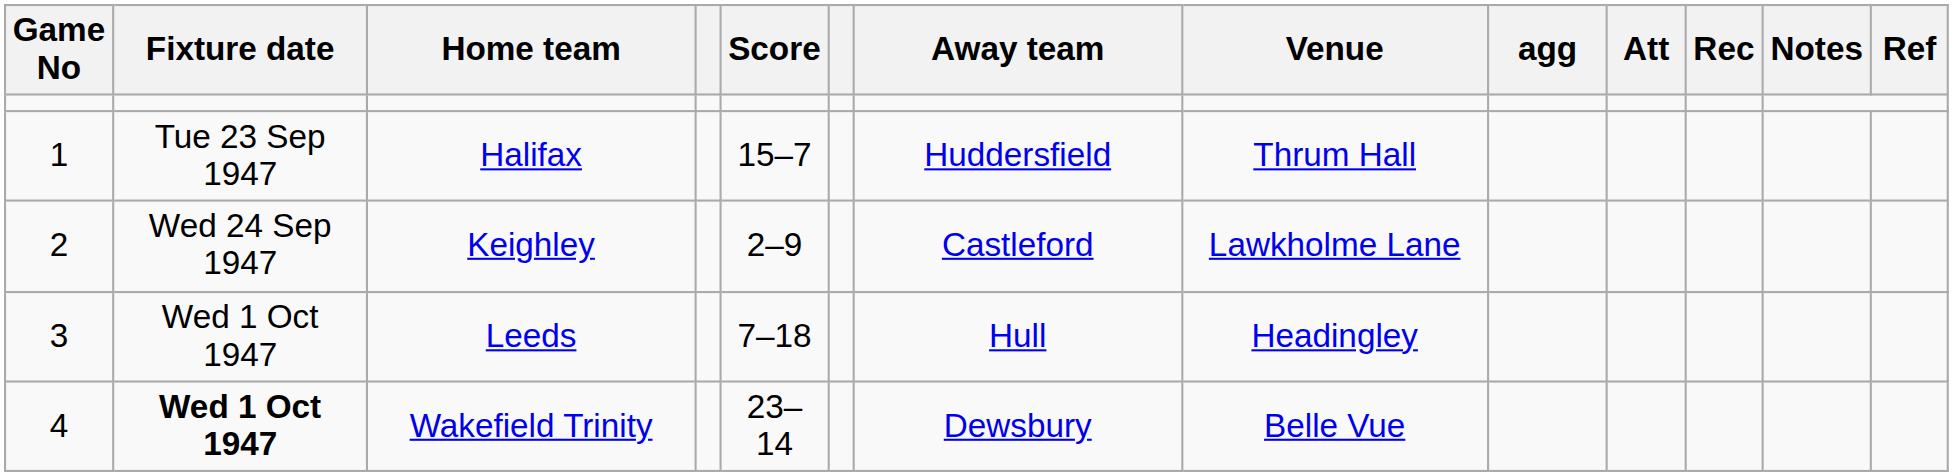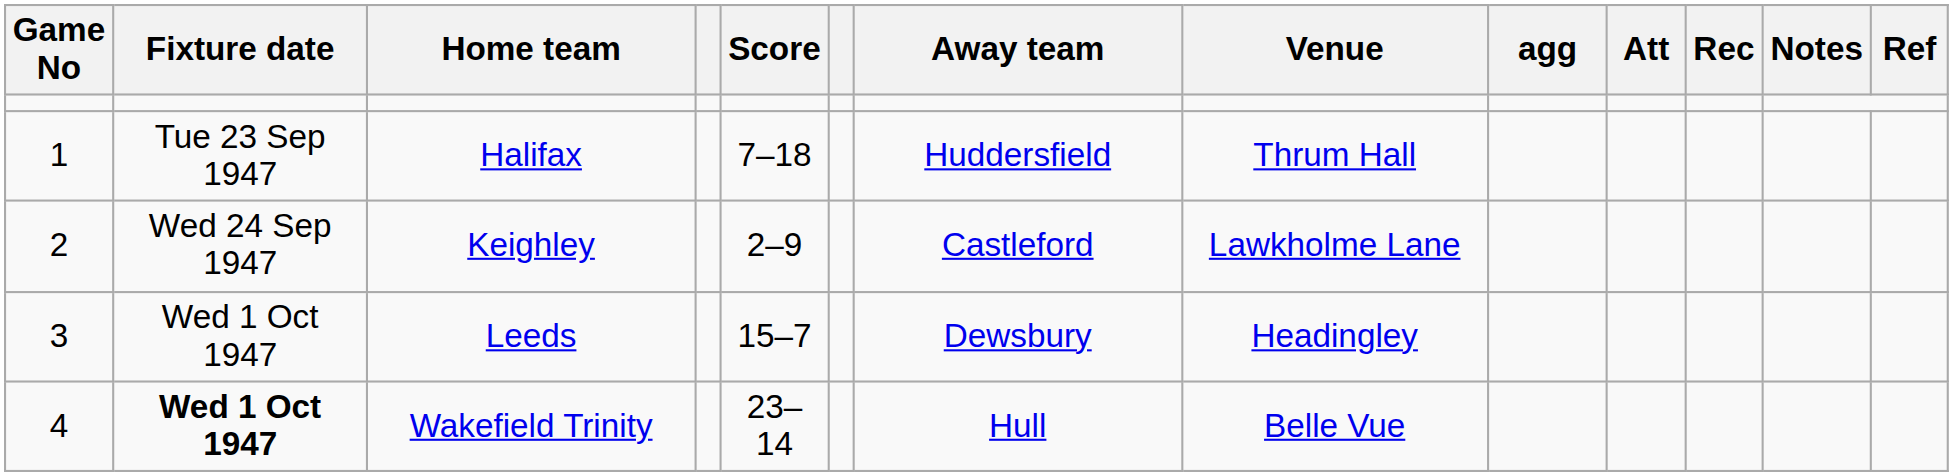 <table class="wikitable" style="text-align:center;">
 <tr>
 <th width=20 abbr="No">Game No</th>
 <th width=115 abbr="Date">Fixture date</th>
 <th width=150 abbr="Home team">Home team</th>
 <th width=5 abbr="space"></th>
 <th width=20 abbr="Score">Score</th>
 <th width=5 abbr="space"></th>
 <th width=150 abbr="Away team">Away team</th>
 <th width=140 abbr="Venue">Venue</th>
 <th width=50 abbr="agg">agg</th>
 <th width=30 abbr="Att">Att</th>
 <th width=30 abbr="Rec">Rec</th>
 <th width=20 abbr="Notes">Notes</th>
 <th width=30 abbr="Ref">Ref</th>
 </tr>
 <tr>
 <td></td>
 <td></td>
 <td></td>
 <td></td>
 <td></td>
 <td></td>
 <td></td>
 <td></td>
 <td></td>
 <td></td>
 <td></td>
 </tr>
 <tr>
 <td>1</td>
 <td>Tue 23 Sep 1947</td>
 <td><a href='#'>Halifax</a></td>
 <td></td>
-<td>15–7</td>
+<td>7–18</td>
 <td></td>
 <td><a href='#'>Huddersfield</a></td>
 <td><a href='#'>Thrum Hall</a></td>
 <td></td>
 <td></td>
 <td></td>
 <td></td>
 <td></td>
 </tr>
 <tr>
 <td>2</td>
 <td>Wed 24 Sep 1947</td>
 <td><a href='#'>Keighley</a></td>
 <td></td>
 <td>2–9</td>
 <td></td>
 <td><a href='#'>Castleford</a></td>
 <td><a href='#'>Lawkholme Lane</a></td>
 <td></td>
 <td></td>
 <td></td>
 <td></td>
 <td></td>
 </tr>
 <tr>
 <td>3</td>
 <td>Wed 1 Oct 1947</td>
 <td><a href='#'>Leeds</a></td>
 <td></td>
-<td>7–18</td>
+<td>15–7</td>
 <td></td>
-<td><a href='#'>Hull</a></td>
+<td><a href='#'>Dewsbury</a></td>
 <td><a href='#'>Headingley</a></td>
 <td></td>
 <td></td>
 <td></td>
 <td></td>
 <td></td>
 </tr>
 <tr>
 <td>4</td>
 <td><strong>Wed 1 Oct 1947</strong></td>
 <td><a href='#'>Wakefield Trinity</a></td>
 <td></td>
 <td>23–14</td>
 <td></td>
-<td><a href='#'>Dewsbury</a></td>
+<td><a href='#'>Hull</a></td>
 <td><a href='#'>Belle Vue</a></td>
 <td></td>
 <td></td>
 <td></td>
 <td></td>
 <td></td>
 </tr>
 </table>
